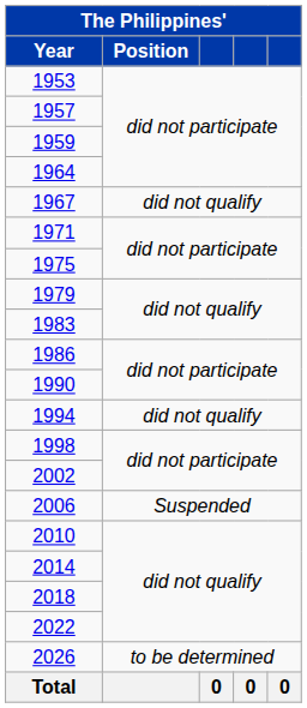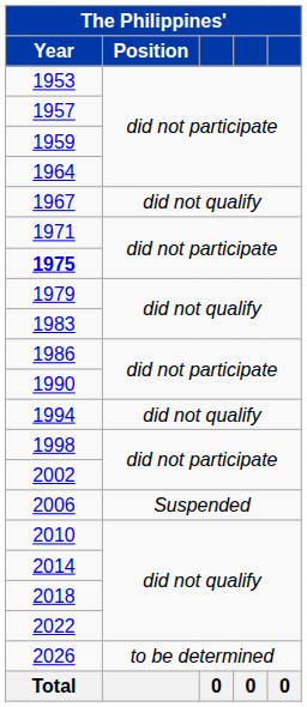 <table class="wikitable collapsible autocollapse" style="text-align: center; font-size:95%;">
 <tr>
 <th colspan="10" style="background:#0038A8; color: #FFFFFF;">The Philippines' </th>
 </tr>
 <tr>
 <th style="background:#0038A8; color: #FFFFFF;"width="70">Year</th>
 <th style="background:#0038A8; color: #FFFFFF;"width="70">Position</th>
 <th style="background:#0038A8; color: #FFFFFF;"width="20"></th>
 <th style="background:#0038A8; color: #FFFFFF;"width="20"></th>
 <th style="background:#0038A8; color: #FFFFFF;"width="20"></th>
 </tr>
 <tr>
 <td> <a href='#'>1953</a></td>
 <td rowspan=4 colspan=4><em>did not participate</em></td>
 </tr>
 <tr>
 <td> <a href='#'>1957</a></td>
 </tr>
 <tr>
 <td> <a href='#'>1959</a></td>
 </tr>
 <tr>
 <td> <a href='#'>1964</a></td>
 </tr>
 <tr>
 <td> <a href='#'>1967</a></td>
 <td colspan=4><em>did not qualify</em></td>
 </tr>
 <tr>
 <td> <a href='#'>1971</a></td>
 <td rowspan=2 colspan=4><em>did not participate</em></td>
 </tr>
 <tr>
-<td> <a href='#'>1975</a></td>
+<td><strong> <a href='#'>1975</a></strong></td>
 </tr>
 <tr>
 <td> <a href='#'>1979</a></td>
 <td rowspan=2 colspan=4><em>did not qualify</em></td>
 </tr>
 <tr>
 <td> <a href='#'>1983</a></td>
 </tr>
 <tr>
 <td> <a href='#'>1986</a></td>
 <td rowspan=2 colspan=4><em>did not participate</em></td>
 </tr>
 <tr>
 <td> <a href='#'>1990</a></td>
 </tr>
 <tr>
 <td> <a href='#'>1994</a></td>
 <td colspan=4><em>did not qualify</em></td>
 </tr>
 <tr>
 <td> <a href='#'>1998</a></td>
 <td rowspan=2 colspan=4><em>did not participate</em></td>
 </tr>
 <tr>
 <td> <a href='#'>2002</a></td>
 </tr>
 <tr>
 <td> <a href='#'>2006</a></td>
 <td colspan=4><em>Suspended</em></td>
 </tr>
 <tr>
 <td> <a href='#'>2010</a></td>
 <td rowspan=4 colspan=4><em>did not qualify</em></td>
 </tr>
 <tr>
 <td> <a href='#'>2014</a></td>
 </tr>
 <tr>
 <td> <a href='#'>2018</a></td>
 </tr>
 <tr>
 <td> <a href='#'>2022</a></td>
 </tr>
 <tr>
 <td> <a href='#'>2026</a></td>
 <td colspan=4><em>to be determined</em></td>
 </tr>
 <tr>
 <th>Total</th>
 <th></th>
 <th>0</th>
 <th>0</th>
 <th>0</th>
 </tr>
 </table>
